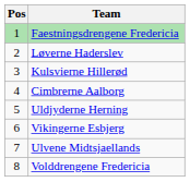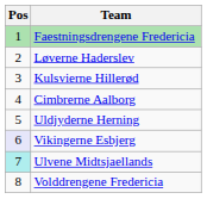 <table class="wikitable" style="font-size: 100%">
 <tr>
 <th width=20>Pos</th>
 <th width=200>Team</th>
 </tr>
 <tr align=center style="background:#ACE1AF;">
 <td>1</td>
 <td align="left"><a href='#'>Faestningsdrengene Fredericia</a></td>
 </tr>
 <tr align=center>
 <td>2</td>
 <td align="left"><a href='#'>Løverne Haderslev</a></td>
 </tr>
 <tr align=center>
 <td>3</td>
 <td align="left"><a href='#'>Kulsvierne Hillerød</a></td>
 </tr>
 <tr align=center>
 <td>4</td>
 <td align="left"><a href='#'>Cimbrerne Aalborg</a></td>
 </tr>
 <tr align=center>
 <td>5</td>
 <td align="left"><a href='#'>Uldjyderne Herning</a></td>
 </tr>
 <tr align=center>
-<td>6</td>
+<td style="background: lavender;">6</td>
 <td align="left"><a href='#'>Vikingerne Esbjerg</a></td>
 </tr>
 <tr align=center>
-<td>7</td>
+<td style="background: paleturquoise;">7</td>
 <td align="left"><a href='#'>Ulvene Midtsjaellands</a></td>
 </tr>
 <tr align=center>
 <td>8</td>
 <td align="left"><a href='#'>Volddrengene Fredericia</a></td>
 </tr>
 </table>
